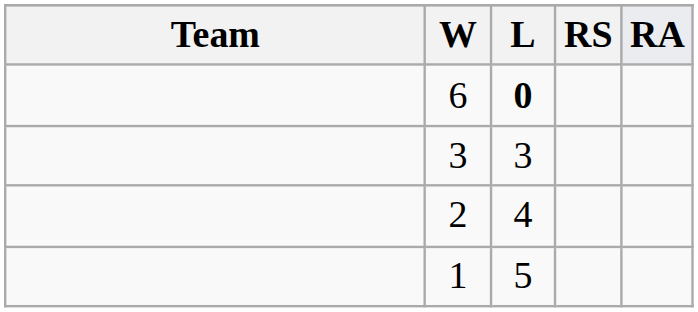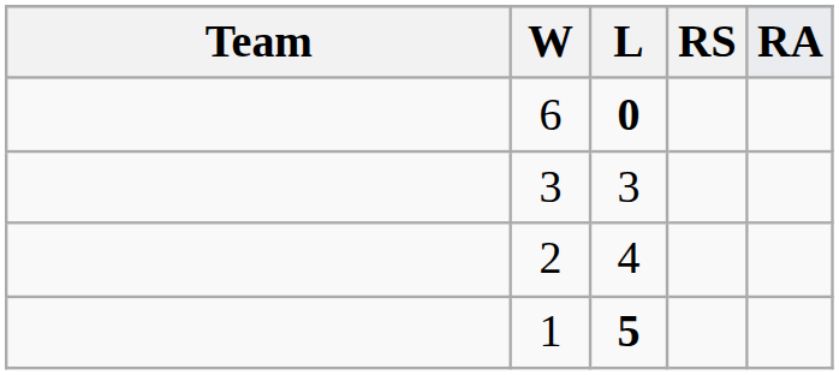 <table class=wikitable style=text-align:center>
 <tr>
 </tr>
 <tr bgcolor=eaecf0>
 <th width=170>Team</th>
 <th width=20>W</th>
 <th width=20>L</th>
 <th width=20>RS</th>
 <td width=20><strong>RA</strong></td>
 </tr>
 <tr bgcolor=>
 <td align=left></td>
 <td>6</td>
 <td><strong>0</strong></td>
 <td></td>
 <td></td>
 </tr>
 <tr bgcolor=>
 <td align=left></td>
 <td>3</td>
 <td>3</td>
 <td></td>
 <td></td>
 </tr>
 <tr bgcolor=>
 <td align=left></td>
 <td>2</td>
 <td>4</td>
 <td></td>
 <td></td>
 </tr>
 <tr bgcolor=>
 <td align=left></td>
 <td>1</td>
-<td>5</td>
+<td><strong>5</strong></td>
 <td></td>
 <td></td>
 </tr>
 </table>
